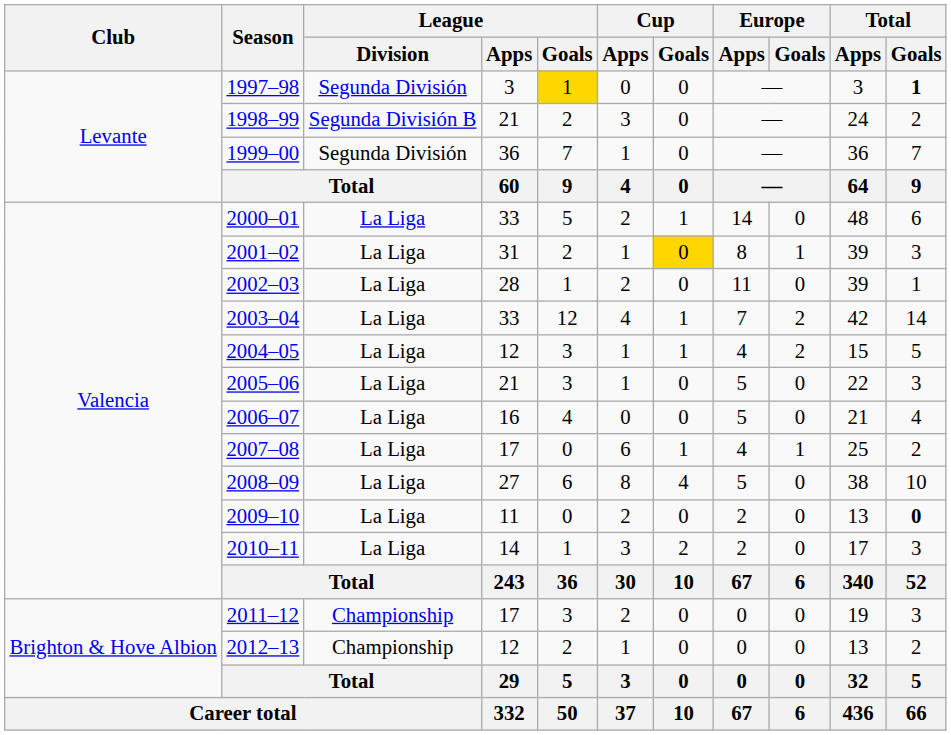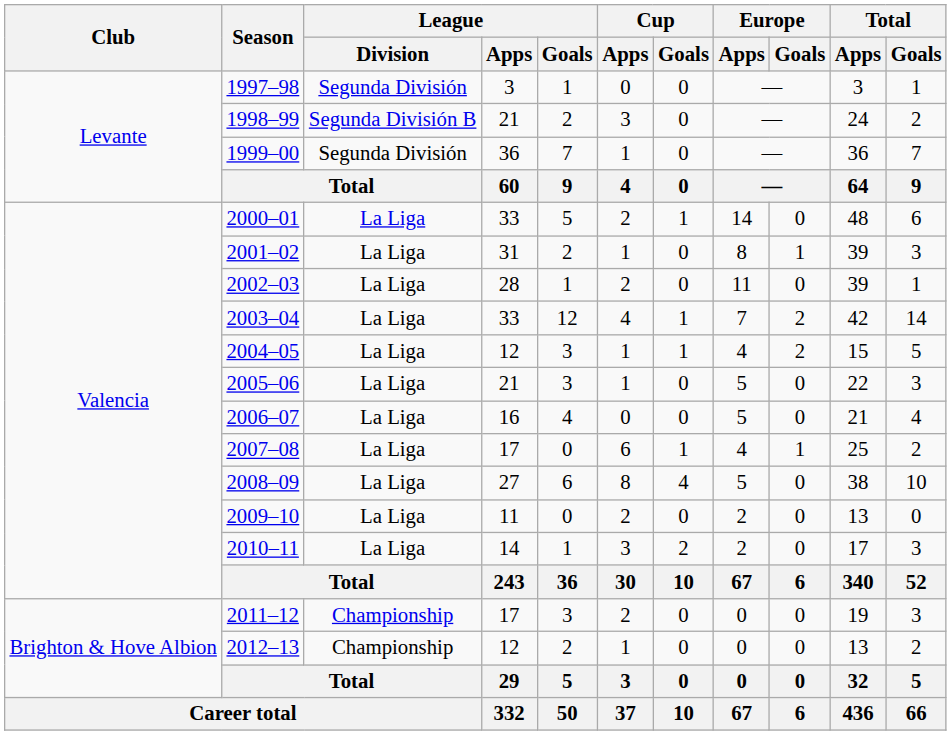 <table class="wikitable" style="text-align:center">
 <tr>
 <th rowspan="2">Club</th>
 <th rowspan="2">Season</th>
 <th colspan="3">League</th>
 <th colspan="2">Cup</th>
 <th colspan="2">Europe</th>
 <th colspan="2">Total</th>
 </tr>
 <tr>
 <th>Division</th>
 <th>Apps</th>
 <th>Goals</th>
 <th>Apps</th>
 <th>Goals</th>
 <th>Apps</th>
 <th>Goals</th>
 <th>Apps</th>
 <th>Goals</th>
 </tr>
 <tr>
 <td rowspan="4"><a href='#'>Levante</a></td>
 <td><a href='#'>1997–98</a></td>
 <td><a href='#'>Segunda División</a></td>
 <td>3</td>
-<td style="background: gold;">1</td>
+<td>1</td>
 <td>0</td>
 <td>0</td>
 <td colspan="2">—</td>
 <td>3</td>
-<td><strong>1</strong></td>
+<td>1</td>
 </tr>
 <tr>
 <td><a href='#'>1998–99</a></td>
 <td><a href='#'>Segunda División B</a></td>
 <td>21</td>
 <td>2</td>
 <td>3</td>
 <td>0</td>
 <td colspan="2">—</td>
 <td>24</td>
 <td>2</td>
 </tr>
 <tr>
 <td><a href='#'>1999–00</a></td>
 <td>Segunda División</td>
 <td>36</td>
 <td>7</td>
 <td>1</td>
 <td>0</td>
 <td colspan="2">—</td>
 <td>36</td>
 <td>7</td>
 </tr>
 <tr>
 <th colspan="2">Total</th>
 <th>60</th>
 <th>9</th>
 <th>4</th>
 <th>0</th>
 <th colspan="2">—</th>
 <th>64</th>
 <th>9</th>
 </tr>
 <tr>
 <td rowspan="12"><a href='#'>Valencia</a></td>
 <td><a href='#'>2000–01</a></td>
 <td><a href='#'>La Liga</a></td>
 <td>33</td>
 <td>5</td>
 <td>2</td>
 <td>1</td>
 <td>14</td>
 <td>0</td>
 <td>48</td>
 <td>6</td>
 </tr>
 <tr>
 <td><a href='#'>2001–02</a></td>
 <td>La Liga</td>
 <td>31</td>
 <td>2</td>
 <td>1</td>
-<td style="background: gold;">0</td>
+<td>0</td>
 <td>8</td>
 <td>1</td>
 <td>39</td>
 <td>3</td>
 </tr>
 <tr>
 <td><a href='#'>2002–03</a></td>
 <td>La Liga</td>
 <td>28</td>
 <td>1</td>
 <td>2</td>
 <td>0</td>
 <td>11</td>
 <td>0</td>
 <td>39</td>
 <td>1</td>
 </tr>
 <tr>
 <td><a href='#'>2003–04</a></td>
 <td>La Liga</td>
 <td>33</td>
 <td>12</td>
 <td>4</td>
 <td>1</td>
 <td>7</td>
 <td>2</td>
 <td>42</td>
 <td>14</td>
 </tr>
 <tr>
 <td><a href='#'>2004–05</a></td>
 <td>La Liga</td>
 <td>12</td>
 <td>3</td>
 <td>1</td>
 <td>1</td>
 <td>4</td>
 <td>2</td>
 <td>15</td>
 <td>5</td>
 </tr>
 <tr>
 <td><a href='#'>2005–06</a></td>
 <td>La Liga</td>
 <td>21</td>
 <td>3</td>
 <td>1</td>
 <td>0</td>
 <td>5</td>
 <td>0</td>
 <td>22</td>
 <td>3</td>
 </tr>
 <tr>
 <td><a href='#'>2006–07</a></td>
 <td>La Liga</td>
 <td>16</td>
 <td>4</td>
 <td>0</td>
 <td>0</td>
 <td>5</td>
 <td>0</td>
 <td>21</td>
 <td>4</td>
 </tr>
 <tr>
 <td><a href='#'>2007–08</a></td>
 <td>La Liga</td>
 <td>17</td>
 <td>0</td>
 <td>6</td>
 <td>1</td>
 <td>4</td>
 <td>1</td>
 <td>25</td>
 <td>2</td>
 </tr>
 <tr>
 <td><a href='#'>2008–09</a></td>
 <td>La Liga</td>
 <td>27</td>
 <td>6</td>
 <td>8</td>
 <td>4</td>
 <td>5</td>
 <td>0</td>
 <td>38</td>
 <td>10</td>
 </tr>
 <tr>
 <td><a href='#'>2009–10</a></td>
 <td>La Liga</td>
 <td>11</td>
 <td>0</td>
 <td>2</td>
 <td>0</td>
 <td>2</td>
 <td>0</td>
 <td>13</td>
-<td><strong>0</strong></td>
+<td>0</td>
 </tr>
 <tr>
 <td><a href='#'>2010–11</a></td>
 <td>La Liga</td>
 <td>14</td>
 <td>1</td>
 <td>3</td>
 <td>2</td>
 <td>2</td>
 <td>0</td>
 <td>17</td>
 <td>3</td>
 </tr>
 <tr>
 <th colspan="2">Total</th>
 <th>243</th>
 <th>36</th>
 <th>30</th>
 <th>10</th>
 <th>67</th>
 <th>6</th>
 <th>340</th>
 <th>52</th>
 </tr>
 <tr>
 <td rowspan="3"><a href='#'>Brighton & Hove Albion</a></td>
 <td><a href='#'>2011–12</a></td>
 <td><a href='#'>Championship</a></td>
 <td>17</td>
 <td>3</td>
 <td>2</td>
 <td>0</td>
 <td>0</td>
 <td>0</td>
 <td>19</td>
 <td>3</td>
 </tr>
 <tr>
 <td><a href='#'>2012–13</a></td>
 <td>Championship</td>
 <td>12</td>
 <td>2</td>
 <td>1</td>
 <td>0</td>
 <td>0</td>
 <td>0</td>
 <td>13</td>
 <td>2</td>
 </tr>
 <tr>
 <th colspan="2">Total</th>
 <th>29</th>
 <th>5</th>
 <th>3</th>
 <th>0</th>
 <th>0</th>
 <th>0</th>
 <th>32</th>
 <th>5</th>
 </tr>
 <tr>
 <th colspan="3">Career total</th>
 <th>332</th>
 <th>50</th>
 <th>37</th>
 <th>10</th>
 <th>67</th>
 <th>6</th>
 <th>436</th>
 <th>66</th>
 </tr>
 </table>
